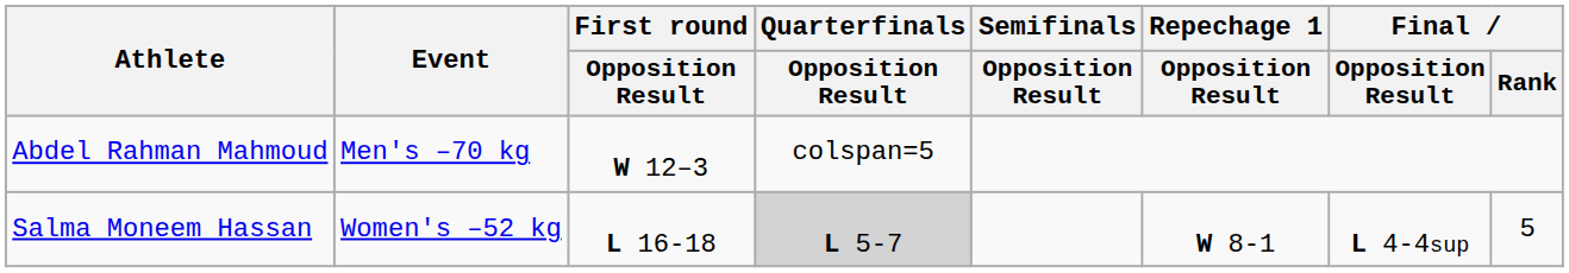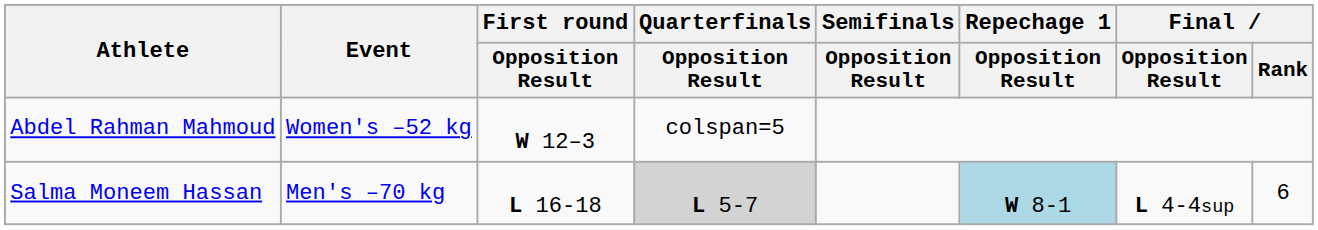 <table class="wikitable" style="font-size:90%;">
 <tr>
 <th rowspan=2>Athlete</th>
 <th rowspan=2>Event</th>
 <th>First round</th>
 <th>Quarterfinals</th>
 <th>Semifinals</th>
 <th>Repechage 1</th>
 <th colspan=2>Final / </th>
 </tr>
 <tr style="font-size:95%">
 <th>Opposition<br>Result</th>
 <th>Opposition<br>Result</th>
 <th>Opposition<br>Result</th>
 <th>Opposition<br>Result</th>
 <th>Opposition<br>Result</th>
 <th>Rank</th>
 </tr>
 <tr style="text-align:center">
 <td style="text-align:left"><a href='#'>Abdel Rahman Mahmoud</a></td>
-<td style="text-align:left"><a href='#'>Men's –70 kg</a></td>
+<td style="text-align:left"><a href='#'>Women's –52 kg</a></td>
 <td><br><strong>W</strong> 12–3</td>
 <td>colspan=5 </td>
 </tr>
 <tr style="text-align:center">
 <td style="text-align:left"><a href='#'>Salma Moneem Hassan</a></td>
-<td style="text-align:left"><a href='#'>Women's –52 kg</a></td>
+<td style="text-align:left"><a href='#'>Men's –70 kg</a></td>
 <td><br><strong>L</strong> 16-18</td>
 <td style="background: lightgrey;"><br><strong>L</strong> 5-7</td>
 <td></td>
-<td><br><strong>W</strong> 8-1</td>
+<td style="background: lightblue;"><br><strong>W</strong> 8-1</td>
 <td><br><strong>L</strong> 4-4<small>sup</small></td>
-<td>5</td>
+<td>6</td>
 </tr>
 </table>
